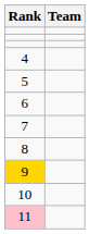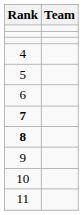 <table class="wikitable">
 <tr>
 <th>Rank</th>
 <th>Team</th>
 </tr>
 <tr -bgcolor=ccffcc>
 <td align=center></td>
 <td></td>
 </tr>
 <tr>
 <td align=center></td>
 <td></td>
 </tr>
 <tr>
 <td align=center></td>
 <td></td>
 </tr>
 <tr>
 <td align=center>4</td>
 <td></td>
 </tr>
 <tr>
 <td align=center>5</td>
 <td></td>
 </tr>
 <tr>
 <td align=center>6</td>
 <td></td>
 </tr>
 <tr>
-<td align=center>7</td>
+<td align=center><strong>7</strong></td>
 <td></td>
 </tr>
 <tr>
-<td align=center>8</td>
+<td align=center><strong>8</strong></td>
 <td></td>
 </tr>
 <tr>
-<td align=center style="background: gold;">9</td>
+<td align=center>9</td>
 <td></td>
 </tr>
 <tr>
 <td align=center>10</td>
 <td></td>
 </tr>
 <tr>
-<td align=center style="background: pink;">11</td>
+<td align=center>11</td>
 <td></td>
 </tr>
 </table>
